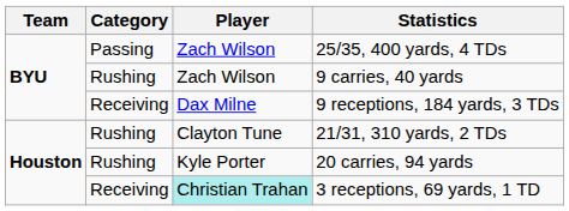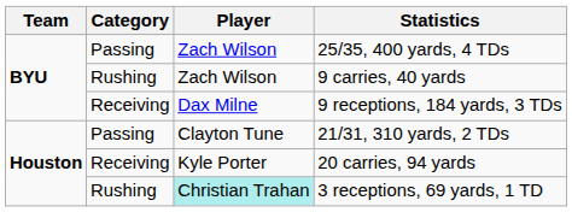 <table class="wikitable" style="float: left;">
 <tr>
 <th>Team</th>
 <th>Category</th>
 <th>Player</th>
 <th>Statistics</th>
 </tr>
 <tr>
 <td rowspan=3><strong>BYU</strong></td>
 <td>Passing</td>
 <td><a href='#'>Zach Wilson</a></td>
 <td>25/35, 400 yards, 4 TDs</td>
 </tr>
 <tr>
 <td>Rushing</td>
 <td>Zach Wilson</td>
 <td>9 carries, 40 yards</td>
 </tr>
 <tr>
 <td>Receiving</td>
 <td><a href='#'>Dax Milne</a></td>
 <td>9 receptions, 184 yards, 3 TDs</td>
 </tr>
 <tr>
 <td rowspan=3><strong>Houston</strong></td>
-<td>Rushing</td>
+<td>Passing</td>
 <td>Clayton Tune</td>
 <td>21/31, 310 yards, 2 TDs</td>
 </tr>
 <tr>
-<td>Rushing</td>
+<td>Receiving</td>
 <td>Kyle Porter</td>
 <td>20 carries, 94 yards</td>
 </tr>
 <tr>
-<td>Receiving</td>
+<td>Rushing</td>
 <td style="background: paleturquoise;">Christian Trahan</td>
 <td>3 receptions, 69 yards, 1 TD</td>
 </tr>
 </table>
